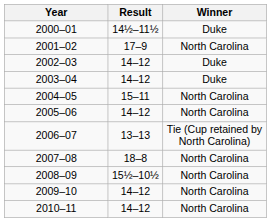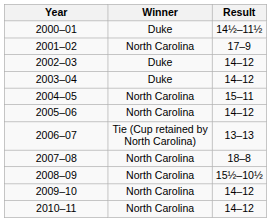 <table class="wikitable sortable" style="text-align: center;">
 <tr>
 <th width="150">Year</th>
+<th width="150">Winner</th>
 <th width="75">Result</th>
-<th width="150">Winner</th>
 </tr>
 <tr>
 <td>2000–01</td>
+<td>Duke</td>
 <td>14½–11½</td>
-<td>Duke</td>
 </tr>
 <tr>
 <td>2001–02</td>
+<td>North Carolina</td>
 <td>17–9</td>
-<td>North Carolina</td>
 </tr>
 <tr>
 <td>2002–03</td>
+<td>Duke</td>
 <td>14–12</td>
-<td>Duke</td>
 </tr>
 <tr>
 <td>2003–04</td>
+<td>Duke</td>
 <td>14–12</td>
-<td>Duke</td>
 </tr>
 <tr>
 <td>2004–05</td>
+<td>North Carolina</td>
 <td>15–11</td>
-<td>North Carolina</td>
 </tr>
 <tr>
 <td>2005–06</td>
+<td>North Carolina</td>
 <td>14–12</td>
-<td>North Carolina</td>
 </tr>
 <tr>
 <td>2006–07</td>
+<td>Tie (Cup retained by North Carolina)</td>
 <td>13–13</td>
-<td>Tie (Cup retained by North Carolina)</td>
 </tr>
 <tr>
 <td>2007–08</td>
+<td>North Carolina</td>
 <td>18–8</td>
-<td>North Carolina</td>
 </tr>
 <tr>
 <td>2008–09</td>
+<td>North Carolina</td>
 <td>15½–10½</td>
-<td>North Carolina</td>
 </tr>
 <tr>
 <td>2009–10</td>
+<td>North Carolina</td>
 <td>14–12</td>
-<td>North Carolina</td>
 </tr>
 <tr>
 <td>2010–11</td>
+<td>North Carolina</td>
 <td>14–12</td>
-<td>North Carolina</td>
 </tr>
 </table>
